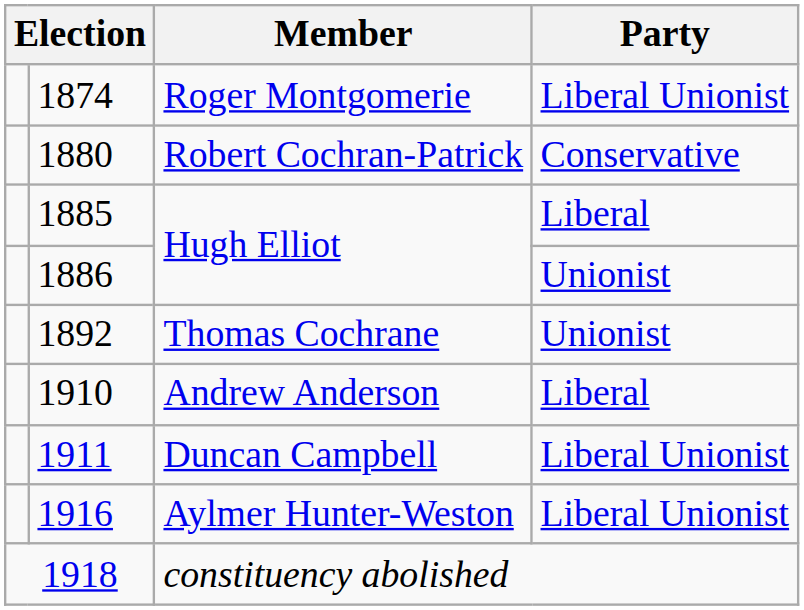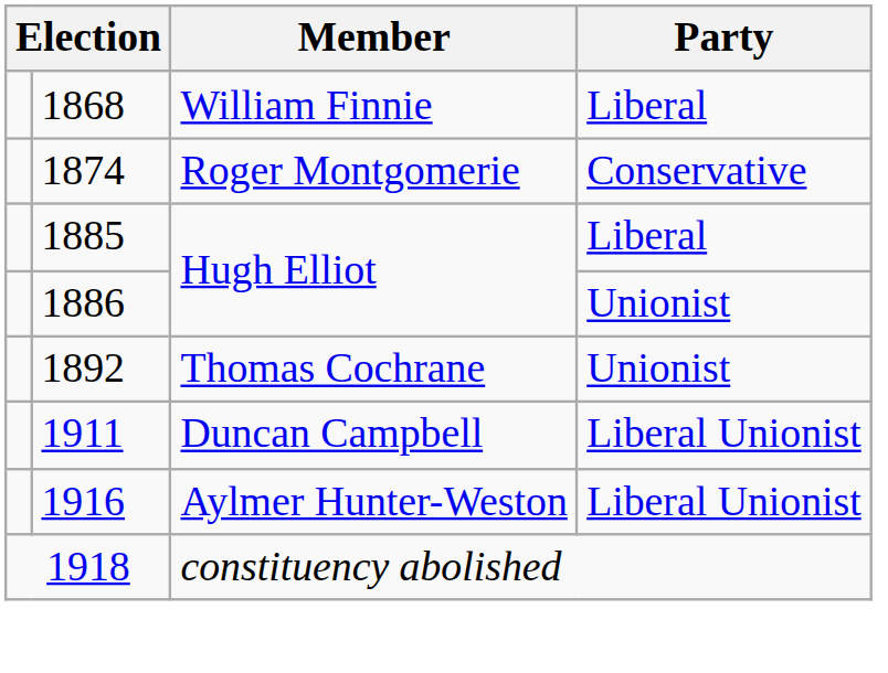 <table class="wikitable">
 <tr>
 <th colspan="2">Election</th>
 <th>Member</th>
 <th>Party</th>
 </tr>
 <tr>
 <td style="color:inherit;background-color: "></td>
-<td>1874</td>
-<td><a href='#'>Roger Montgomerie</a></td>
-<td><a href='#'>Liberal Unionist</a></td>
+<td>1868</td>
+<td><a href='#'>William Finnie</a></td>
+<td><a href='#'>Liberal</a></td>
 </tr>
 <tr>
 <td style="color:inherit;background-color: "></td>
-<td>1880</td>
-<td><a href='#'>Robert Cochran-Patrick</a></td>
+<td>1874</td>
+<td><a href='#'>Roger Montgomerie</a></td>
 <td><a href='#'>Conservative</a></td>
 </tr>
 <tr>
 <td style="color:inherit;background-color: "></td>
 <td>1885</td>
 <td rowspan=2><a href='#'>Hugh Elliot</a></td>
 <td><a href='#'>Liberal</a></td>
 </tr>
 <tr>
 <td style="color:inherit;background-color: "></td>
 <td>1886</td>
 <td><a href='#'>Unionist</a></td>
 </tr>
 <tr>
 <td style="color:inherit;background-color: "></td>
 <td>1892</td>
 <td><a href='#'>Thomas Cochrane</a></td>
 <td><a href='#'>Unionist</a></td>
 </tr>
 <tr>
 <td style="color:inherit;background-color: "></td>
-<td>1910</td>
-<td><a href='#'>Andrew Anderson</a></td>
-<td><a href='#'>Liberal</a></td>
-</tr>
-<tr>
-<td style="color:inherit;background-color: "></td>
 <td><a href='#'>1911</a></td>
 <td><a href='#'>Duncan Campbell</a></td>
 <td><a href='#'>Liberal Unionist</a></td>
 </tr>
 <tr>
 <td style="color:inherit;background-color: "></td>
 <td><a href='#'>1916</a></td>
 <td><a href='#'>Aylmer Hunter-Weston</a></td>
 <td><a href='#'>Liberal Unionist</a></td>
 </tr>
 <tr>
 <td colspan="2" align="center"><a href='#'>1918</a></td>
 <td colspan="2"><em>constituency abolished</em></td>
 </tr>
 </table>
